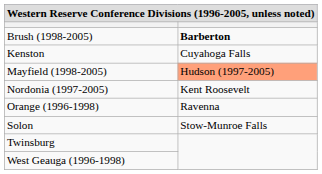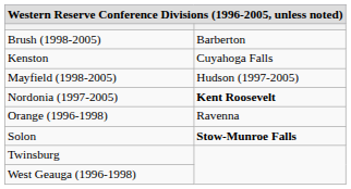 <table class="wikitable">
 <tr style="background:#ccf;">
 <th colspan="4" style="background:#ddd;">Western Reserve Conference Divisions (1996-2005, unless noted)</th>
 </tr>
 <tr>
 <th></th>
 <th></th>
 </tr>
 <tr>
 <td>Brush (1998-2005)</td>
-<td><strong>Barberton</strong></td>
+<td>Barberton</td>
 </tr>
 <tr>
 <td>Kenston</td>
 <td>Cuyahoga Falls</td>
 </tr>
 <tr>
 <td>Mayfield (1998-2005)</td>
-<td style="background: lightsalmon;">Hudson (1997-2005)</td>
+<td>Hudson (1997-2005)</td>
 </tr>
 <tr>
 <td>Nordonia (1997-2005)</td>
-<td>Kent Roosevelt</td>
+<td><strong>Kent Roosevelt</strong></td>
 </tr>
 <tr>
 <td>Orange (1996-1998)</td>
 <td>Ravenna</td>
 </tr>
 <tr>
 <td>Solon</td>
-<td>Stow-Munroe Falls</td>
+<td><strong>Stow-Munroe Falls</strong></td>
 </tr>
 <tr>
 <td>Twinsburg</td>
 </tr>
 <tr>
 <td>West Geauga (1996-1998)</td>
 </tr>
 </table>
